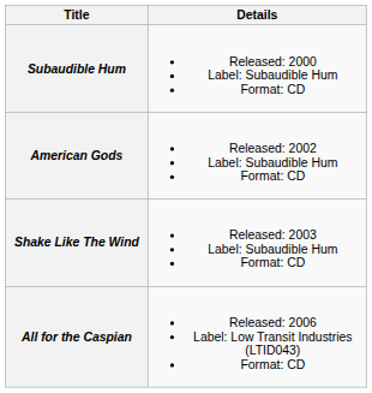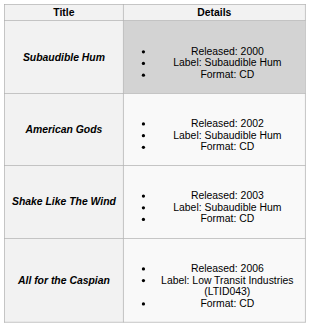 <table class="wikitable plainrowheaders" style="text-align:center;" border="1">
 <tr>
 <th scope="col" style="width:11em;">Title</th>
 <th scope="col" style="width:17em;">Details</th>
 </tr>
 <tr>
 <th scope="row"><em>Subaudible Hum</em></th>
-<td><br><ul><li>Released: 2000</li><li>Label: Subaudible Hum</li><li>Format: CD</li></ul></td>
+<td style="background: lightgrey;"><br><ul><li>Released: 2000</li><li>Label: Subaudible Hum</li><li>Format: CD</li></ul></td>
 </tr>
 <tr>
 <th scope="row"><em>American Gods</em></th>
 <td><br><ul><li>Released: 2002</li><li>Label: Subaudible Hum</li><li>Format: CD</li></ul></td>
 </tr>
 <tr>
 <th scope="row"><em>Shake Like The Wind</em></th>
 <td><br><ul><li>Released: 2003</li><li>Label: Subaudible Hum</li><li>Format: CD</li></ul></td>
 </tr>
 <tr>
 <th scope="row"><em>All for the Caspian</em></th>
 <td><br><ul><li>Released: 2006</li><li>Label: Low Transit Industries	(LTID043)</li><li>Format: CD</li></ul></td>
 </tr>
 </table>
